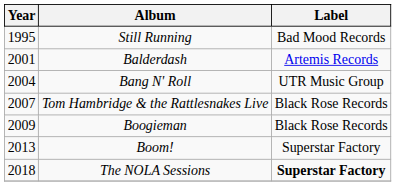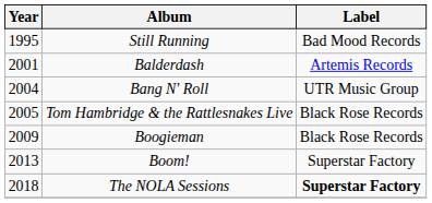 <table class="wikitable">
 <tr>
 <th style="text-align: center; font-weight: bold;border: 1px solid #000;">Year</th>
 <th style="text-align: center; font-weight: bold;border: 1px solid #000;">Album</th>
 <th style="text-align: center; font-weight: bold;border: 1px solid #000;">Label</th>
 </tr>
 <tr>
 <td style="text-align: center;">1995</td>
 <td style="text-align: center;"><em>Still Running</em></td>
 <td style="text-align: center;">Bad Mood Records</td>
 </tr>
 <tr>
 <td style="text-align: center;">2001</td>
 <td style="text-align: center;"><em>Balderdash</em></td>
 <td style="text-align: center;"><a href='#'>Artemis Records</a></td>
 </tr>
 <tr>
 <td style="text-align: center;">2004</td>
 <td style="text-align: center;"><em>Bang N' Roll</em></td>
 <td style="text-align: center;">UTR Music Group</td>
 </tr>
 <tr>
-<td style="text-align: center;">2007</td>
+<td style="text-align: center;">2005</td>
 <td style="text-align: center;"><em>Tom Hambridge & the Rattlesnakes Live</em></td>
 <td style="text-align: center;">Black Rose Records</td>
 </tr>
 <tr>
 <td style="text-align: center;">2009</td>
 <td style="text-align: center;"><em>Boogieman</em></td>
 <td style="text-align: center;">Black Rose Records</td>
 </tr>
 <tr>
 <td style="text-align: center;">2013</td>
 <td style="text-align: center;"><em>Boom!</em></td>
 <td style="text-align: center;">Superstar Factory</td>
 </tr>
 <tr>
 <td style="text-align: center;">2018</td>
 <td style="text-align: center;"><em>The NOLA Sessions</em></td>
 <td style="text-align: center;"><strong>Superstar Factory</strong></td>
 </tr>
 <tr>
 </tr>
 </table>
